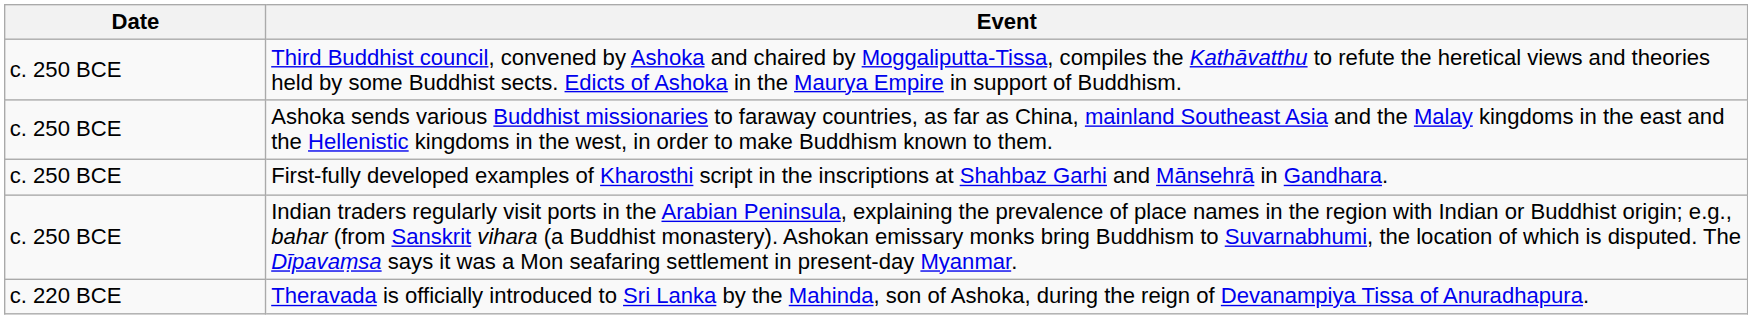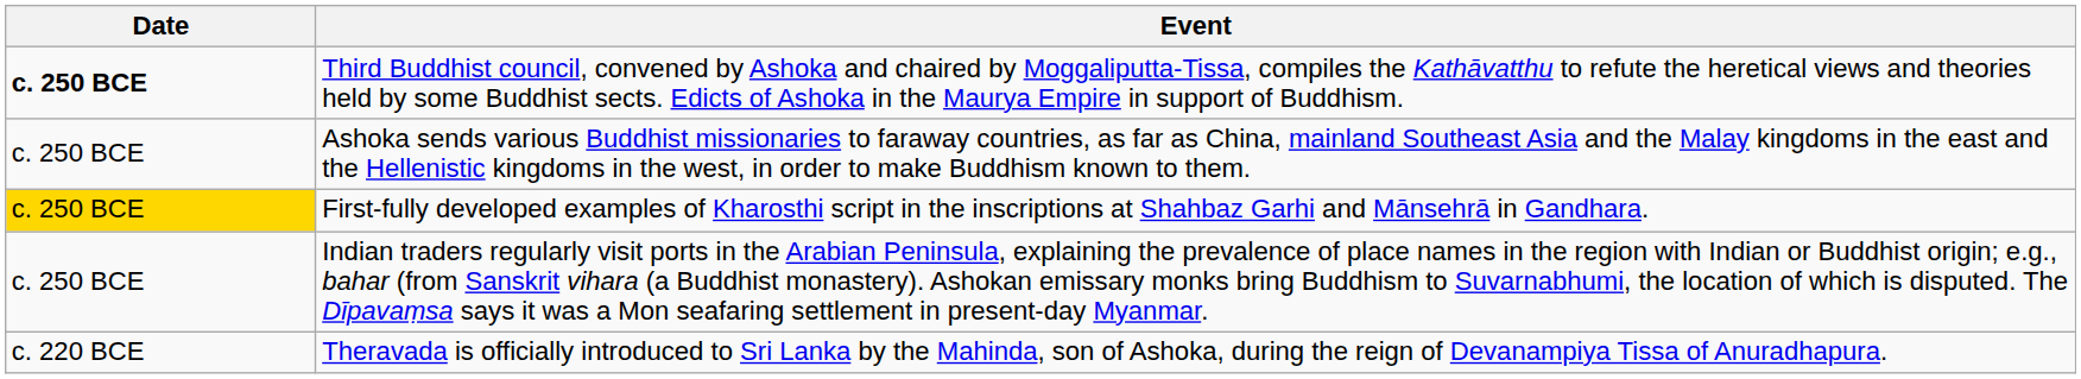 <table class="wikitable" width="100%">
 <tr>
 <th style="width:15%">Date</th>
 <th>Event</th>
 </tr>
 <tr>
-<td>c. 250 BCE</td>
+<td><strong>c. 250 BCE</strong></td>
 <td><a href='#'>Third Buddhist council</a>, convened by <a href='#'>Ashoka</a> and chaired by <a href='#'>Moggaliputta-Tissa</a>, compiles the <em><a href='#'>Kathāvatthu</a></em> to refute the heretical views and theories held by some Buddhist sects. <a href='#'>Edicts of Ashoka</a> in the <a href='#'>Maurya Empire</a> in support of Buddhism.</td>
 </tr>
 <tr>
 <td>c. 250 BCE</td>
 <td>Ashoka sends various <a href='#'>Buddhist missionaries</a> to faraway countries, as far as China, <a href='#'>mainland Southeast Asia</a> and the <a href='#'>Malay</a> kingdoms in the east and the <a href='#'>Hellenistic</a> kingdoms in the west, in order to make Buddhism known to them.</td>
 </tr>
 <tr>
-<td>c. 250 BCE</td>
+<td style="background: gold;">c. 250 BCE</td>
 <td>First-fully developed examples of <a href='#'>Kharosthi</a> script in the inscriptions at <a href='#'>Shahbaz Garhi</a> and <a href='#'>Mānsehrā</a> in <a href='#'>Gandhara</a>.</td>
 </tr>
 <tr>
 <td>c. 250 BCE</td>
 <td>Indian traders regularly visit ports in the <a href='#'>Arabian Peninsula</a>, explaining the prevalence of place names in the region with Indian or Buddhist origin; e.g., <em>bahar</em> (from <a href='#'>Sanskrit</a> <em>vihara</em> (a Buddhist monastery). Ashokan emissary monks bring Buddhism to <a href='#'>Suvarnabhumi</a>, the location of which is disputed. The <em><a href='#'>Dīpavaṃsa</a></em> says it was a Mon seafaring settlement in present-day <a href='#'>Myanmar</a>.</td>
 </tr>
 <tr>
 <td>c. 220 BCE</td>
 <td><a href='#'>Theravada</a> is officially introduced to <a href='#'>Sri Lanka</a> by the <a href='#'>Mahinda</a>, son of Ashoka, during the reign of <a href='#'>Devanampiya Tissa of Anuradhapura</a>.</td>
 </tr>
 </table>
